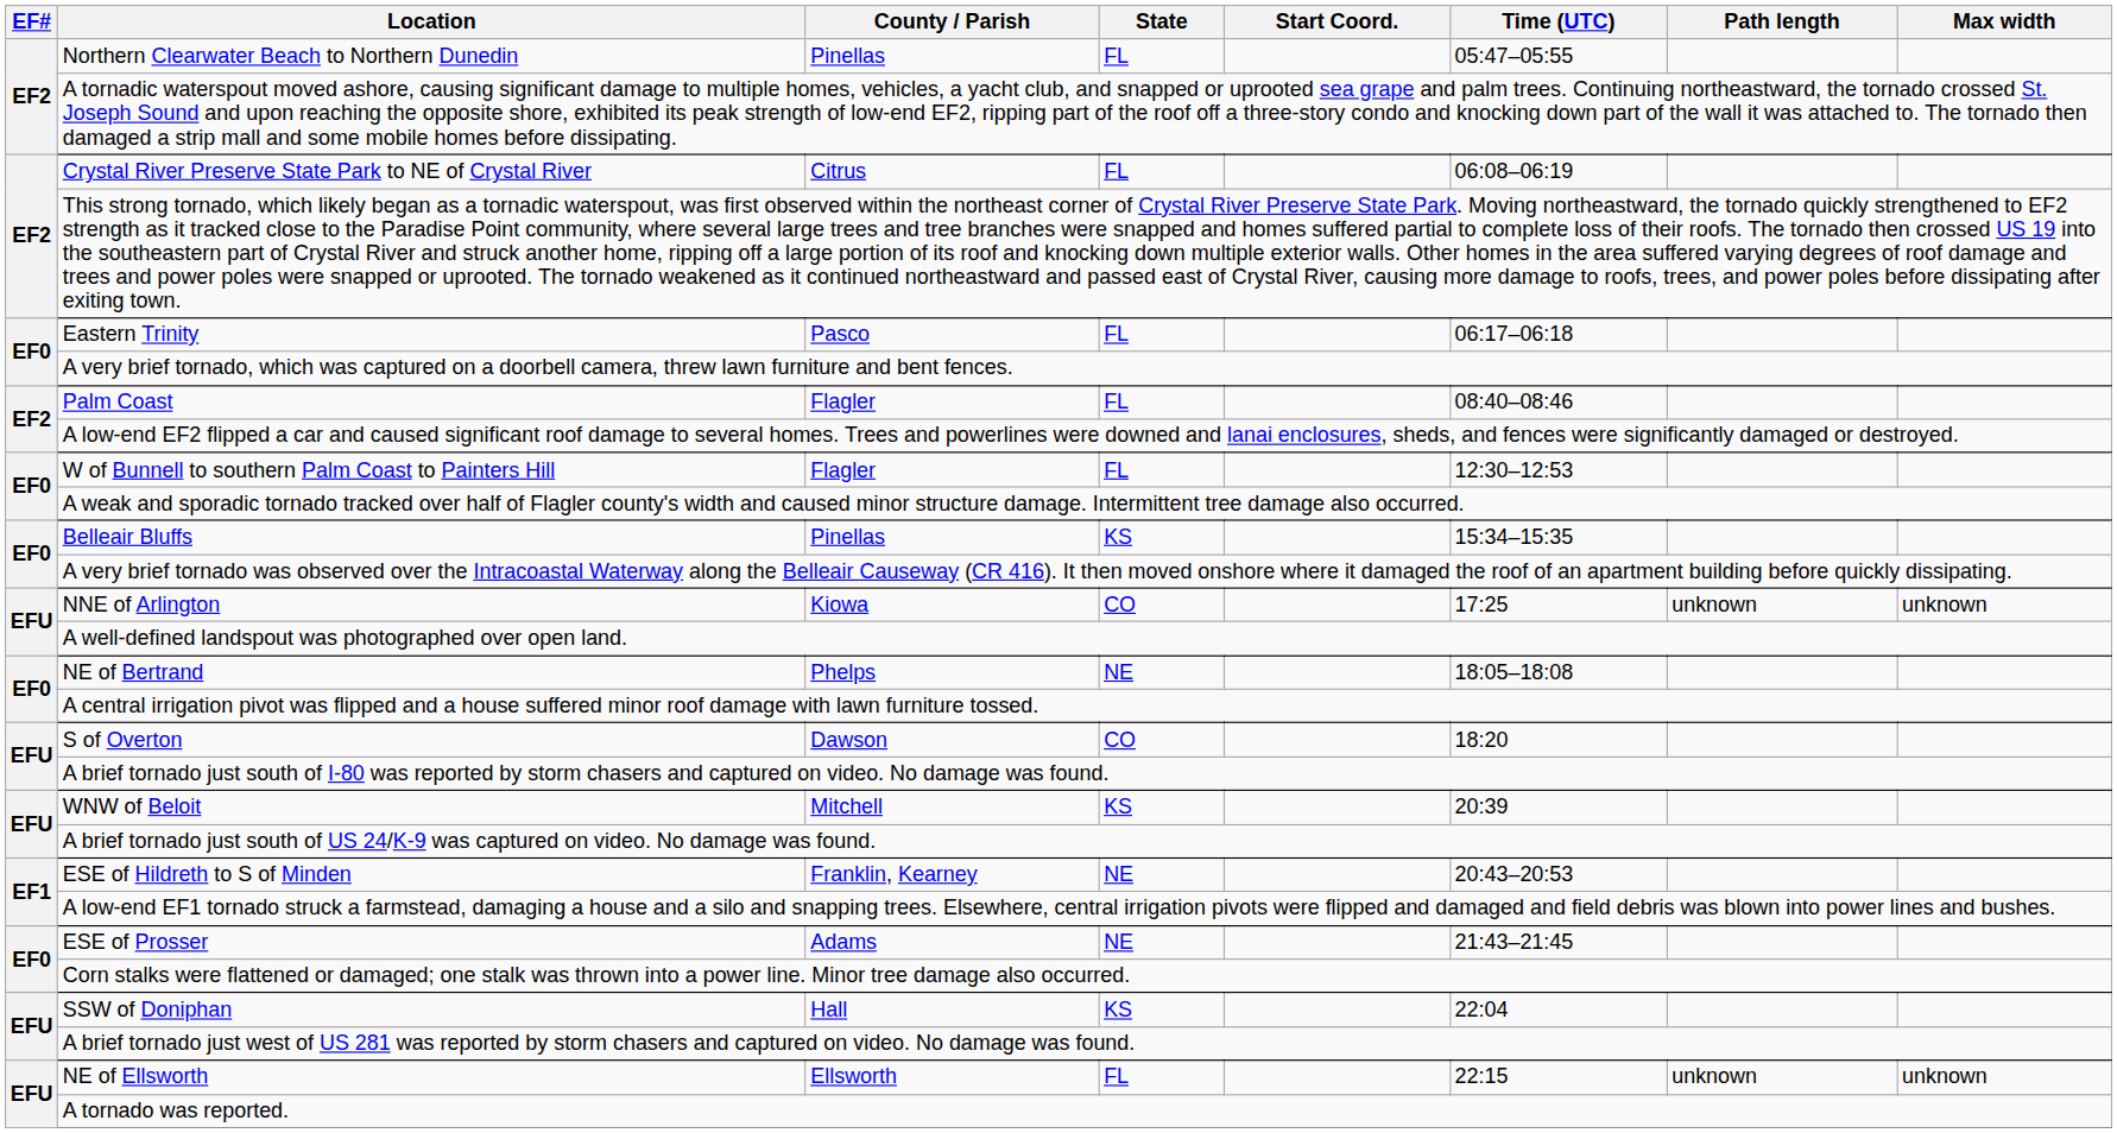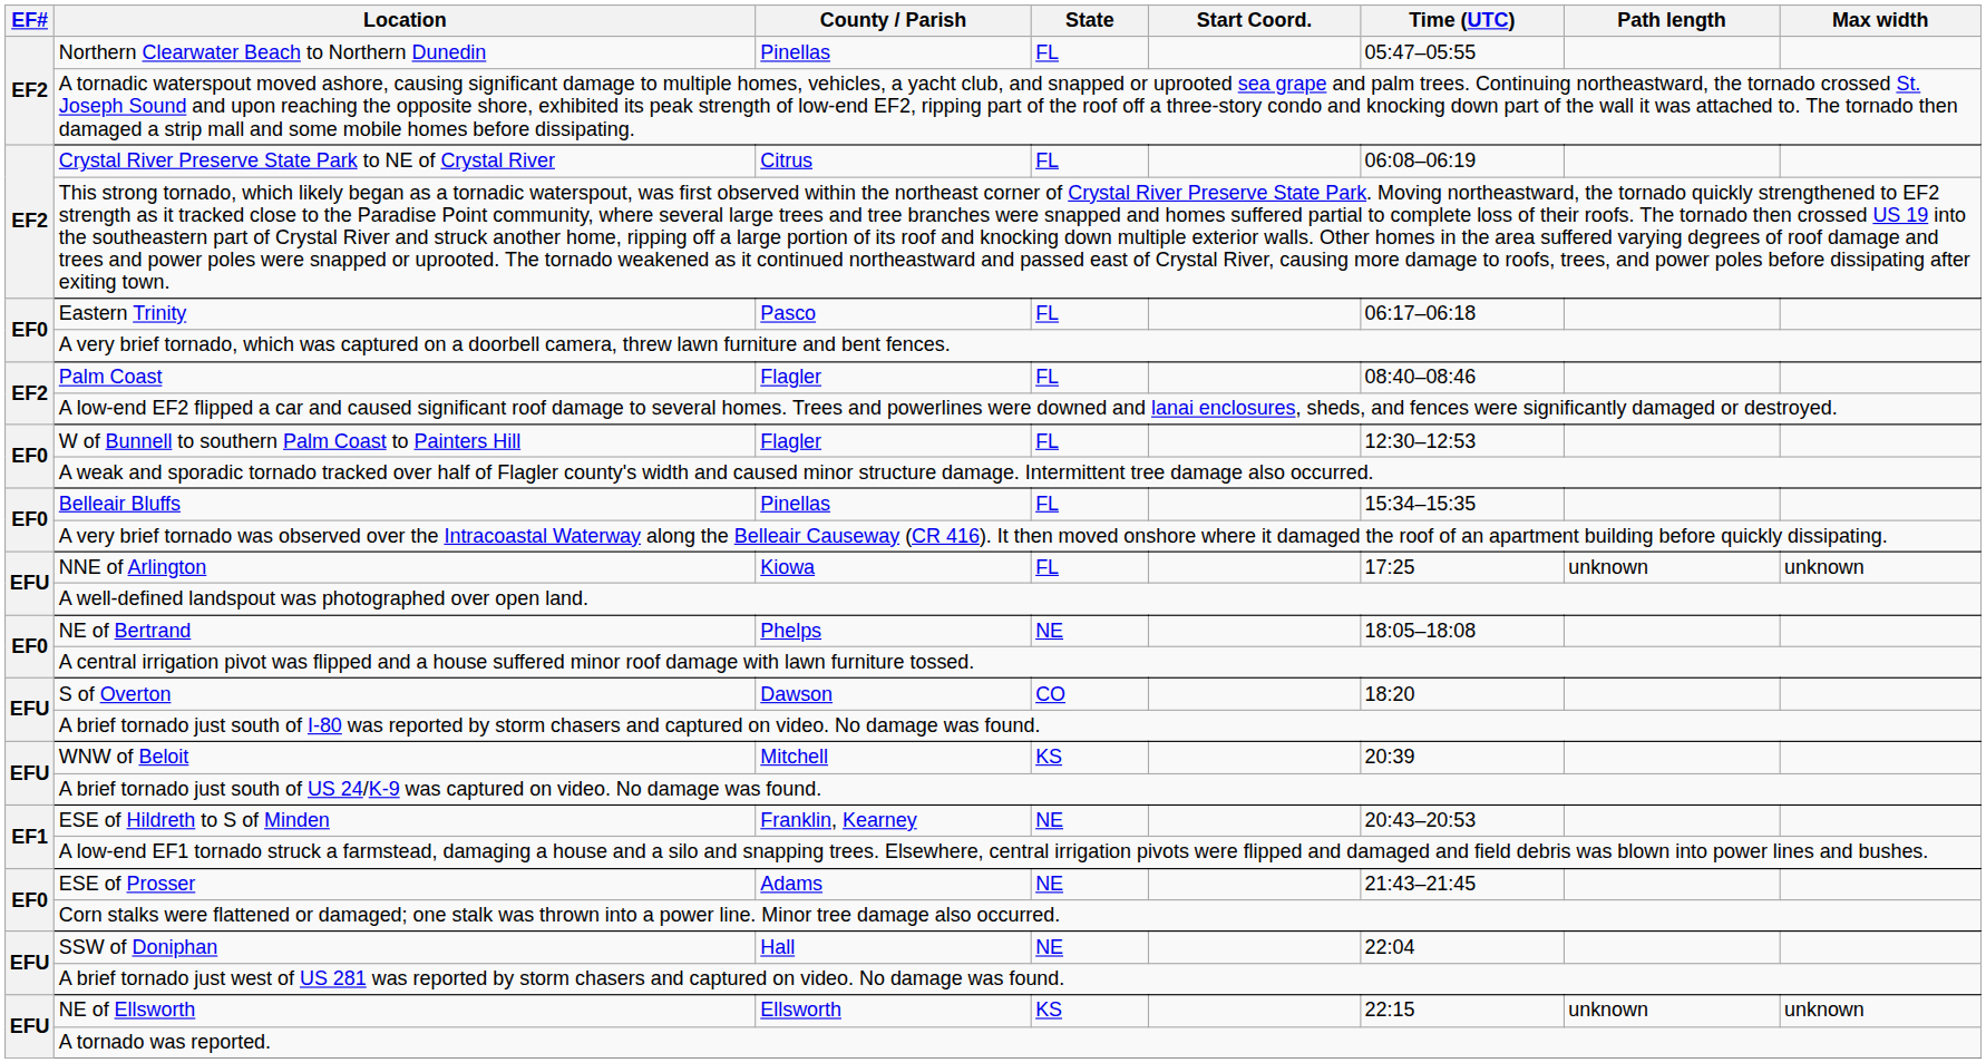 <table class="wikitable sortable" style="width:100%;">
 <tr>
 <th scope="col" width="2%" align="center"><a href='#'>EF#</a></th>
 <th scope="col" align="center" class="unsortable">Location</th>
 <th scope="col" align="center" class="unsortable">County / Parish</th>
 <th scope="col" align="center">State</th>
 <th scope="col" align="center">Start Coord.</th>
 <th scope="col" align="center">Time (<a href='#'>UTC</a>)</th>
 <th scope="col" align="center">Path length</th>
 <th scope="col" align="center">Max width</th>
 </tr>
 <tr>
 <th scope="row" rowspan="2" style="background-color:#">EF2</th>
 <td>Northern <a href='#'>Clearwater Beach</a> to Northern <a href='#'>Dunedin</a></td>
 <td><a href='#'>Pinellas</a></td>
 <td><a href='#'>FL</a></td>
 <td></td>
 <td>05:47–05:55</td>
 <td></td>
 <td></td>
 </tr>
 <tr class="expand-child">
 <td colspan="8" style=" border-bottom: 1px solid black;">A tornadic waterspout moved ashore, causing significant damage to multiple homes, vehicles, a yacht club, and snapped or uprooted <a href='#'>sea grape</a> and palm trees. Continuing northeastward, the tornado crossed <a href='#'>St. Joseph Sound</a> and upon reaching the opposite shore, exhibited its peak strength of low-end EF2, ripping part of the roof off a three-story condo and knocking down part of the wall it was attached to. The tornado then damaged a strip mall and some mobile homes before dissipating.</td>
 </tr>
 <tr>
 <th scope="row" rowspan="2" style="background-color:#">EF2</th>
 <td><a href='#'>Crystal River Preserve State Park</a> to NE of <a href='#'>Crystal River</a></td>
 <td><a href='#'>Citrus</a></td>
 <td><a href='#'>FL</a></td>
 <td></td>
 <td>06:08–06:19</td>
 <td></td>
 <td></td>
 </tr>
 <tr class="expand-child">
 <td colspan="8" style=" border-bottom: 1px solid black;">This strong tornado, which likely began as a tornadic waterspout, was first observed within the northeast corner of <a href='#'>Crystal River Preserve State Park</a>. Moving northeastward, the tornado quickly strengthened to EF2 strength as it tracked close to the Paradise Point community, where several large trees and tree branches were snapped and homes suffered partial to complete loss of their roofs. The tornado then crossed <a href='#'>US 19</a> into the southeastern part of Crystal River and struck another home, ripping off a large portion of its roof and knocking down multiple exterior walls. Other homes in the area suffered varying degrees of roof damage and trees and power poles were snapped or uprooted. The tornado weakened as it continued northeastward and passed east of Crystal River, causing more damage to roofs, trees, and power poles before dissipating after exiting town.</td>
 </tr>
 <tr>
 <th scope="row" rowspan="2" style="background-color:#">EF0</th>
 <td>Eastern <a href='#'>Trinity</a></td>
 <td><a href='#'>Pasco</a></td>
 <td><a href='#'>FL</a></td>
 <td></td>
 <td>06:17–06:18</td>
 <td></td>
 <td></td>
 </tr>
 <tr class="expand-child">
 <td colspan="8" style=" border-bottom: 1px solid black;">A very brief tornado, which was captured on a doorbell camera, threw lawn furniture and bent fences.</td>
 </tr>
 <tr>
 <th scope="row" rowspan="2" style="background-color:#">EF2</th>
 <td><a href='#'>Palm Coast</a></td>
 <td><a href='#'>Flagler</a></td>
 <td><a href='#'>FL</a></td>
 <td></td>
 <td>08:40–08:46</td>
 <td></td>
 <td></td>
 </tr>
 <tr class="expand-child">
 <td colspan="8" style=" border-bottom: 1px solid black;">A low-end EF2 flipped a car and caused significant roof damage to several homes. Trees and powerlines were downed and <a href='#'>lanai enclosures</a>, sheds, and fences were significantly damaged or destroyed.</td>
 </tr>
 <tr>
 <th scope="row" rowspan="2" style="background-color:#">EF0</th>
 <td>W of <a href='#'>Bunnell</a> to southern <a href='#'>Palm Coast</a> to <a href='#'>Painters Hill</a></td>
 <td><a href='#'>Flagler</a></td>
 <td><a href='#'>FL</a></td>
 <td></td>
 <td>12:30–12:53</td>
 <td></td>
 <td></td>
 </tr>
 <tr class="expand-child">
 <td colspan="8" style=" border-bottom: 1px solid black;">A weak and sporadic tornado tracked over half of Flagler county's width and caused minor structure damage. Intermittent tree damage also occurred.</td>
 </tr>
 <tr>
 <th scope="row" rowspan="2" style="background-color:#">EF0</th>
 <td><a href='#'>Belleair Bluffs</a></td>
 <td><a href='#'>Pinellas</a></td>
-<td><a href='#'>KS</a></td>
+<td><a href='#'>FL</a></td>
 <td></td>
 <td>15:34–15:35</td>
 <td></td>
 <td></td>
 </tr>
 <tr class="expand-child">
 <td colspan="8" style=" border-bottom: 1px solid black;">A very brief tornado was observed over the <a href='#'>Intracoastal Waterway</a> along the <a href='#'>Belleair Causeway</a> (<a href='#'>CR 416</a>). It then moved onshore where it damaged the roof of an apartment building before quickly dissipating.</td>
 </tr>
 <tr>
 <th scope="row" rowspan="2" style="background-color:#">EFU</th>
 <td>NNE of <a href='#'>Arlington</a></td>
 <td><a href='#'>Kiowa</a></td>
-<td><a href='#'>CO</a></td>
+<td><a href='#'>FL</a></td>
 <td></td>
 <td>17:25</td>
 <td>unknown</td>
 <td>unknown</td>
 </tr>
 <tr class="expand-child">
 <td colspan="8" style=" border-bottom: 1px solid black;">A well-defined landspout was photographed over open land.</td>
 </tr>
 <tr>
 <th scope="row" rowspan="2" style="background-color:#">EF0</th>
 <td>NE of <a href='#'>Bertrand</a></td>
 <td><a href='#'>Phelps</a></td>
 <td><a href='#'>NE</a></td>
 <td></td>
 <td>18:05–18:08</td>
 <td></td>
 <td></td>
 </tr>
 <tr class="expand-child">
 <td colspan="8" style=" border-bottom: 1px solid black;">A central irrigation pivot was flipped and a house suffered minor roof damage with lawn furniture tossed.</td>
 </tr>
 <tr>
 <th scope="row" rowspan="2" style="background-color:#">EFU</th>
 <td>S of <a href='#'>Overton</a></td>
 <td><a href='#'>Dawson</a></td>
 <td><a href='#'>CO</a></td>
 <td></td>
 <td>18:20</td>
 <td></td>
 <td></td>
 </tr>
 <tr class="expand-child">
 <td colspan="8" style=" border-bottom: 1px solid black;">A brief tornado just south of <a href='#'>I-80</a> was reported by storm chasers and captured on video. No damage was found.</td>
 </tr>
 <tr>
 <th scope="row" rowspan="2" style="background-color:#">EFU</th>
 <td>WNW of <a href='#'>Beloit</a></td>
 <td><a href='#'>Mitchell</a></td>
 <td><a href='#'>KS</a></td>
 <td></td>
 <td>20:39</td>
 <td></td>
 <td></td>
 </tr>
 <tr class="expand-child">
 <td colspan="8" style=" border-bottom: 1px solid black;">A brief tornado just south of <a href='#'>US 24</a>/<a href='#'>K-9</a> was captured on video. No damage was found.</td>
 </tr>
 <tr>
 <th scope="row" rowspan="2" style="background-color:#">EF1</th>
 <td>ESE of <a href='#'>Hildreth</a> to S of <a href='#'>Minden</a></td>
 <td><a href='#'>Franklin</a>, <a href='#'>Kearney</a></td>
 <td><a href='#'>NE</a></td>
 <td></td>
 <td>20:43–20:53</td>
 <td></td>
 <td></td>
 </tr>
 <tr class="expand-child">
 <td colspan="8" style=" border-bottom: 1px solid black;">A low-end EF1 tornado struck a farmstead, damaging a house and a silo and snapping trees. Elsewhere, central irrigation pivots were flipped and damaged and field debris was blown into power lines and bushes.</td>
 </tr>
 <tr>
 <th scope="row" rowspan="2" style="background-color:#">EF0</th>
 <td>ESE of <a href='#'>Prosser</a></td>
 <td><a href='#'>Adams</a></td>
 <td><a href='#'>NE</a></td>
 <td></td>
 <td>21:43–21:45</td>
 <td></td>
 <td></td>
 </tr>
 <tr class="expand-child">
 <td colspan="8" style=" border-bottom: 1px solid black;">Corn stalks were flattened or damaged; one stalk was thrown into a power line. Minor tree damage also occurred.</td>
 </tr>
 <tr>
 <th scope="row" rowspan="2" style="background-color:#">EFU</th>
 <td>SSW of <a href='#'>Doniphan</a></td>
 <td><a href='#'>Hall</a></td>
-<td><a href='#'>KS</a></td>
+<td><a href='#'>NE</a></td>
 <td></td>
 <td>22:04</td>
 <td></td>
 <td></td>
 </tr>
 <tr class="expand-child">
 <td colspan="8" style=" border-bottom: 1px solid black;">A brief tornado just west of <a href='#'>US 281</a> was reported by storm chasers and captured on video. No damage was found.</td>
 </tr>
 <tr>
 <th scope="row" rowspan="2" style="background-color:#">EFU</th>
 <td>NE of <a href='#'>Ellsworth</a></td>
 <td><a href='#'>Ellsworth</a></td>
-<td><a href='#'>FL</a></td>
+<td><a href='#'>KS</a></td>
 <td></td>
 <td>22:15</td>
 <td>unknown</td>
 <td>unknown</td>
 </tr>
 <tr class="expand-child">
 <td colspan="8" style=" border-bottom: 1px solid black;">A tornado was reported.</td>
 </tr>
 <tr>
 </tr>
 </table>
